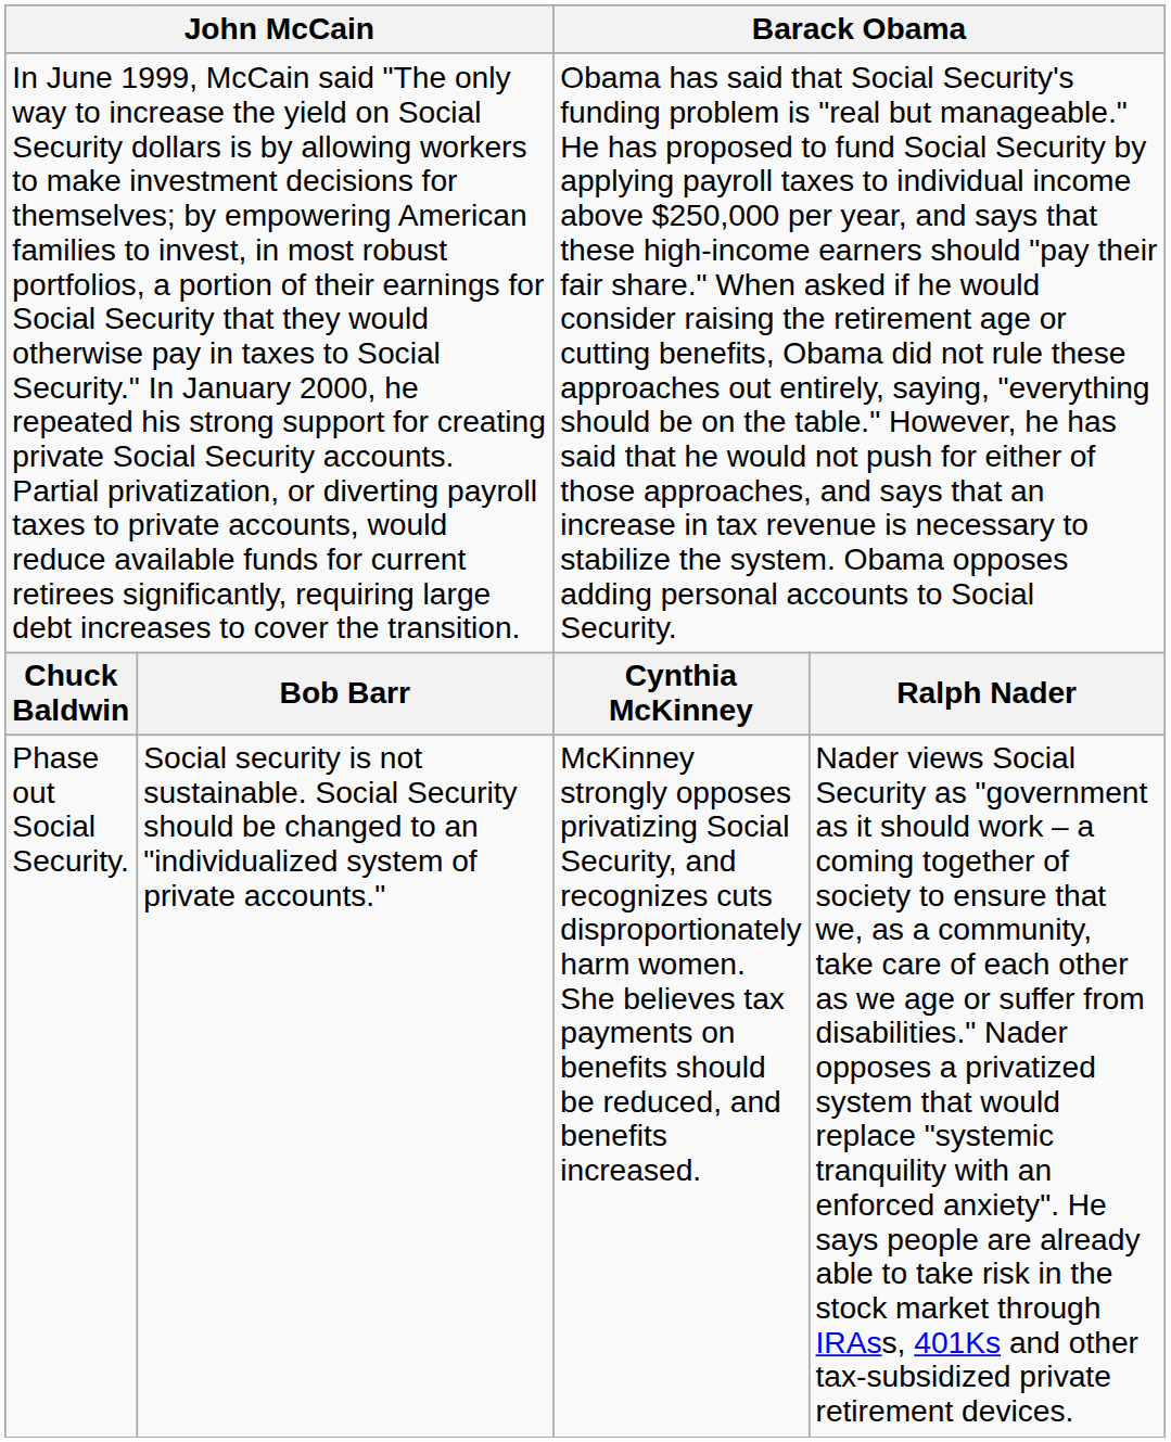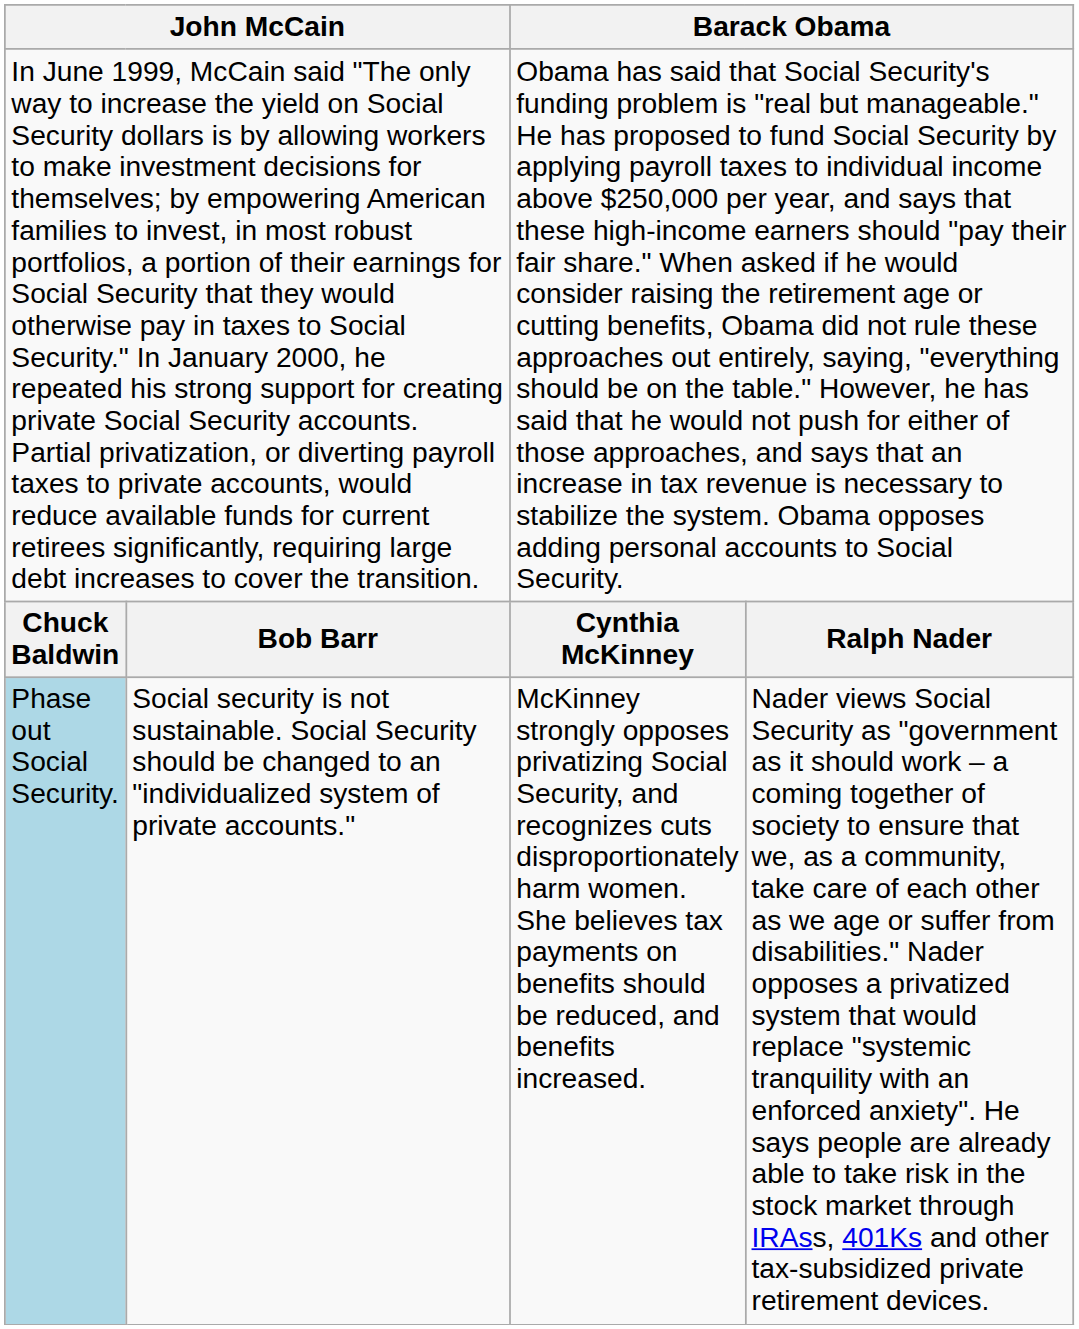 <table class="wikitable">
 <tr>
 <th colspan="2">John McCain</th>
 <th colspan="2">Barack Obama</th>
 </tr>
 <tr valign="top">
 <td colspan="2" width="50%">In June 1999, McCain said "The only way to increase the yield on Social Security dollars is by allowing workers to make investment decisions for themselves; by empowering American families to invest, in most robust portfolios, a portion of their earnings for Social Security that they would otherwise pay in taxes to Social Security." In January 2000, he repeated his strong support for creating private Social Security accounts. Partial privatization, or diverting payroll taxes to private accounts, would reduce available funds for current retirees significantly, requiring large debt increases to cover the transition.</td>
 <td colspan="2" width="50%">Obama has said that Social Security's funding problem is "real but manageable." He has proposed to fund Social Security by applying payroll taxes to individual income above $250,000 per year, and says that these high-income earners should "pay their fair share." When asked if he would consider raising the retirement age or cutting benefits, Obama did not rule these approaches out entirely, saying, "everything should be on the table."  However, he has said that he would not push for either of those approaches, and says that an increase in tax revenue is necessary to stabilize the system. Obama opposes adding personal accounts to Social Security.</td>
 </tr>
 <tr>
 <th>Chuck Baldwin</th>
 <th>Bob Barr</th>
 <th>Cynthia McKinney</th>
 <th>Ralph Nader</th>
 </tr>
 <tr valign="top">
-<td>Phase out Social Security.</td>
+<td style="background: lightblue;">Phase out Social Security.</td>
 <td>Social security is not sustainable. Social Security should be changed to an "individualized system of private accounts."</td>
 <td>McKinney strongly opposes privatizing Social Security, and recognizes cuts disproportionately harm women. She believes tax payments on benefits should be reduced, and benefits increased.</td>
 <td>Nader views Social Security as "government as it should work – a coming together of society to ensure that we, as a community, take care of each other as we age or suffer from disabilities." Nader opposes a privatized system that would replace "systemic tranquility with an enforced anxiety". He says people are already able to take risk in the stock market through <a href='#'>IRAs</a>s, <a href='#'>401Ks</a> and other tax-subsidized private retirement devices.</td>
 </tr>
 </table>
